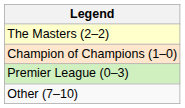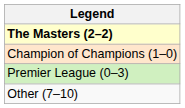 <table class="wikitable">
 <tr>
 <th>Legend</th>
 </tr>
 <tr bgcolor="ffffcc">
-<td>The Masters (2–2)</td>
+<td><strong>The Masters (2–2)</strong></td>
 </tr>
 <tr style="background:#FFE6CC;">
 <td>Champion of Champions (1–0)</td>
 </tr>
 <tr bgcolor="d0f0c0">
 <td>Premier League (0–3)</td>
 </tr>
 <tr>
 <td>Other (7–10)</td>
 </tr>
 </table>
